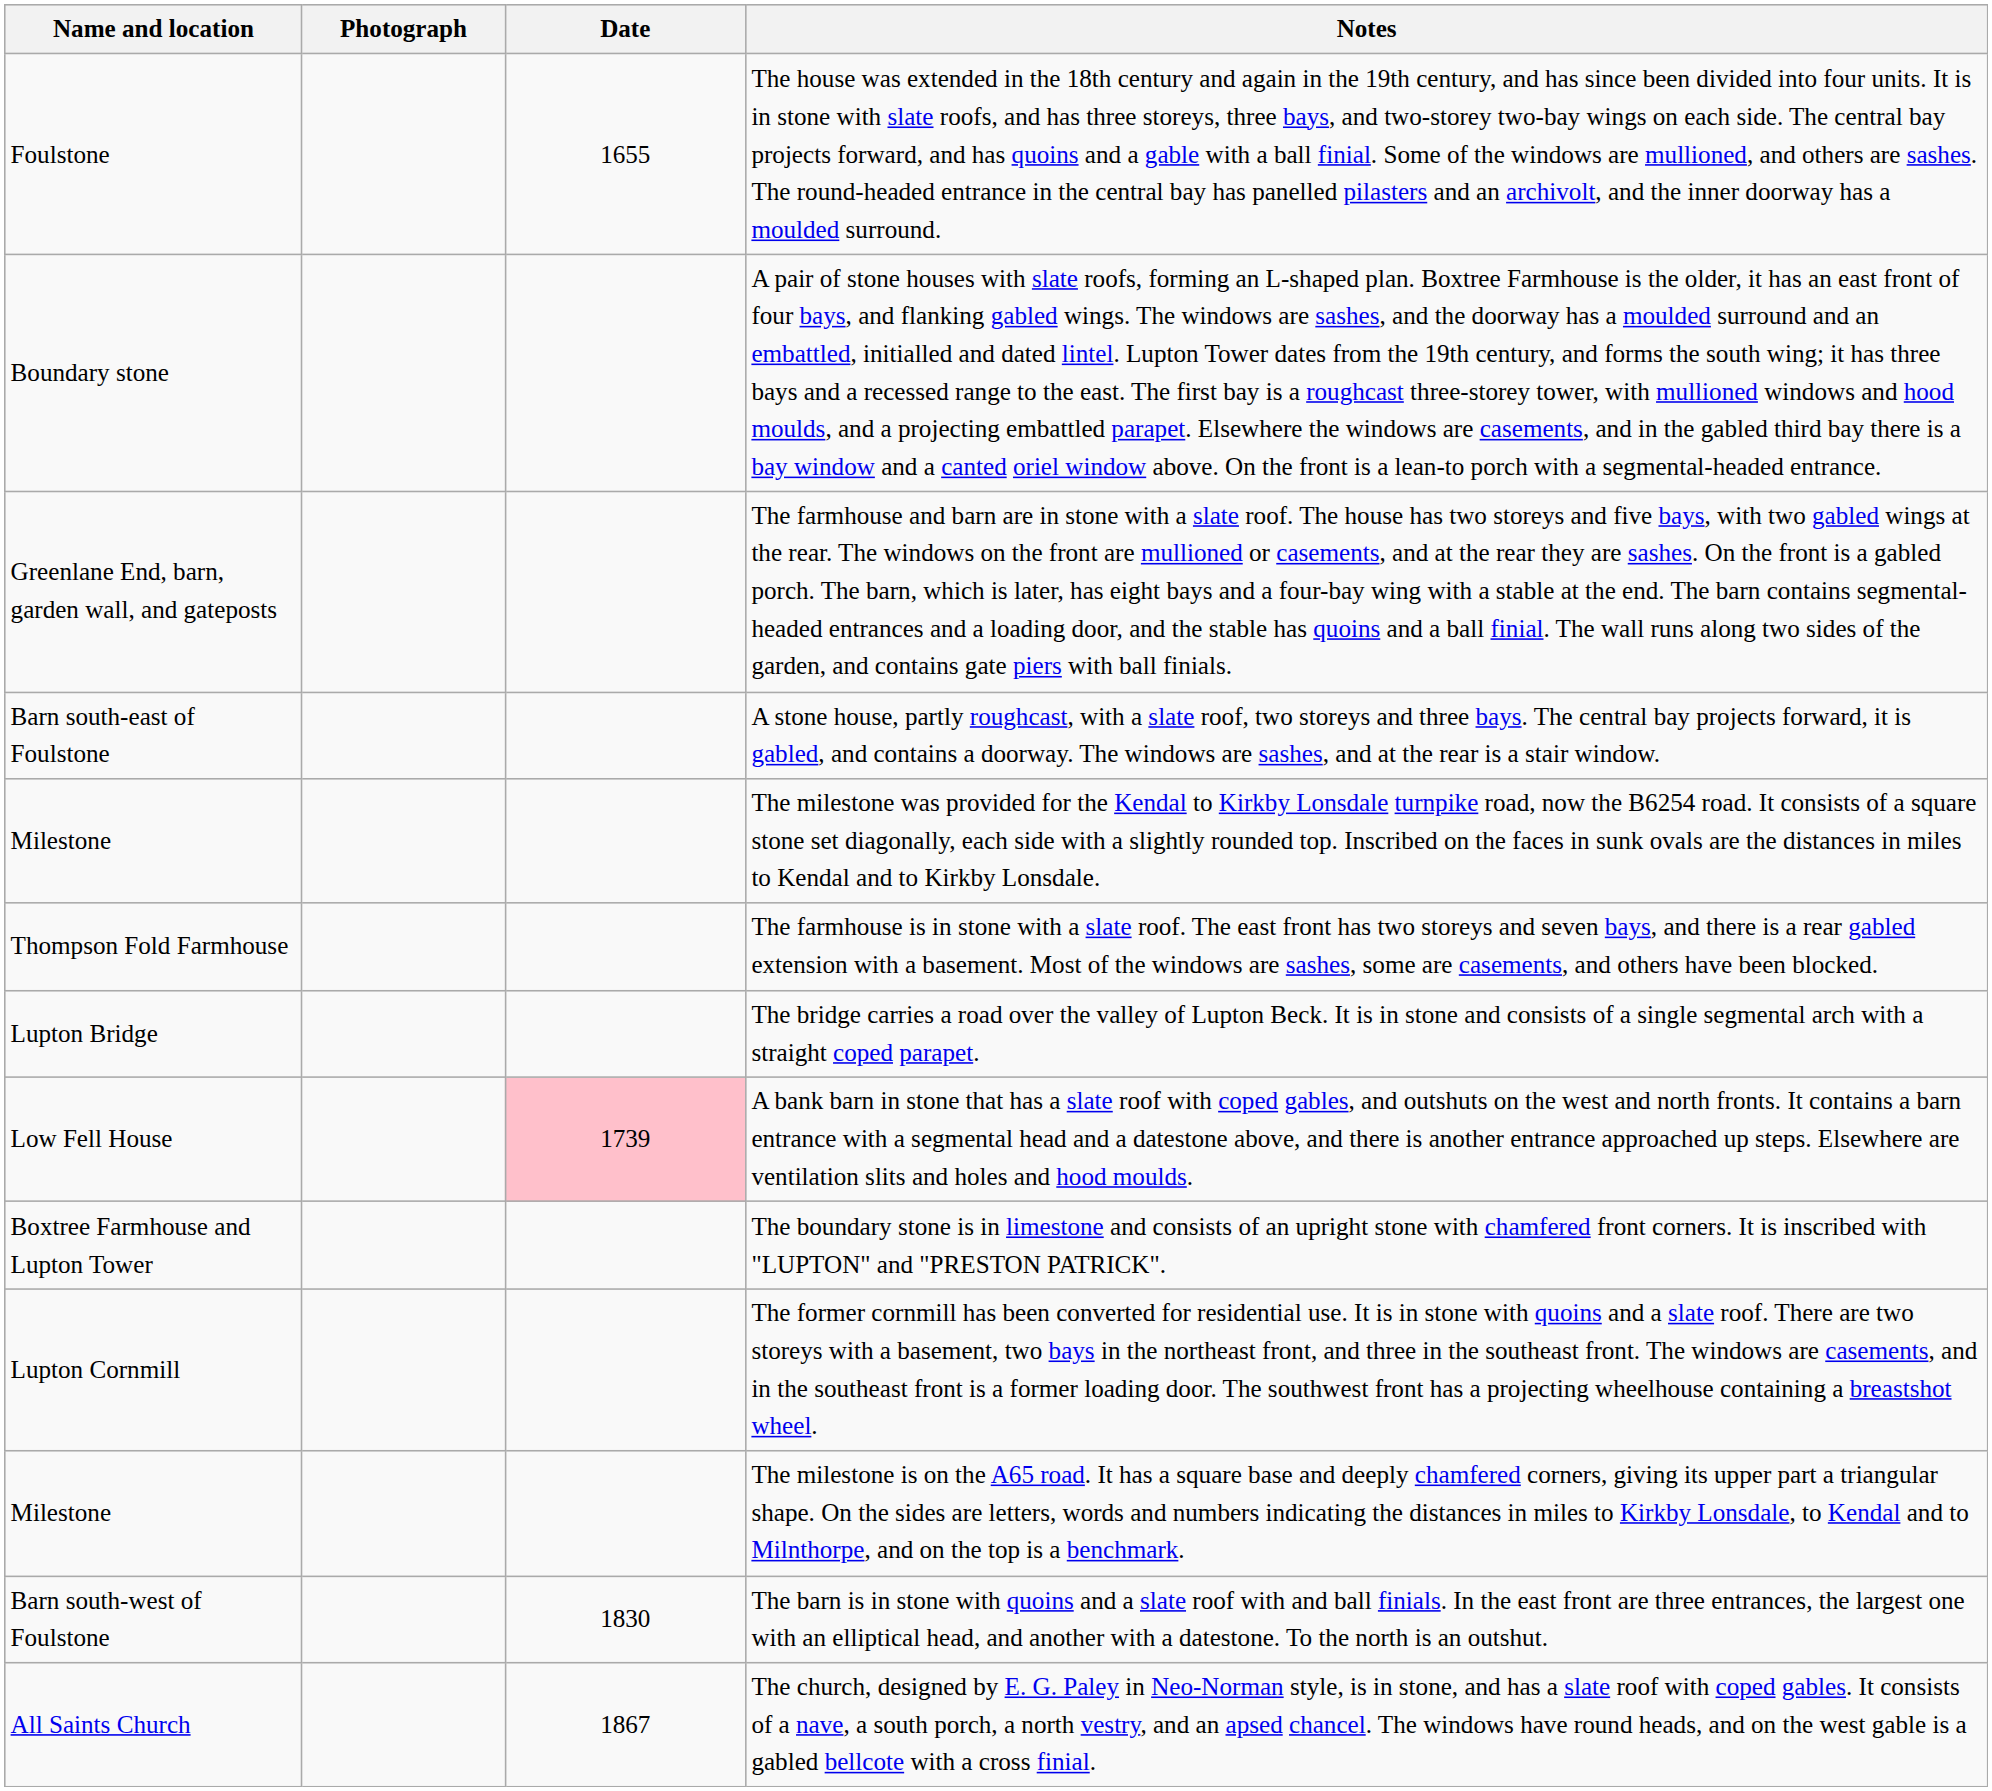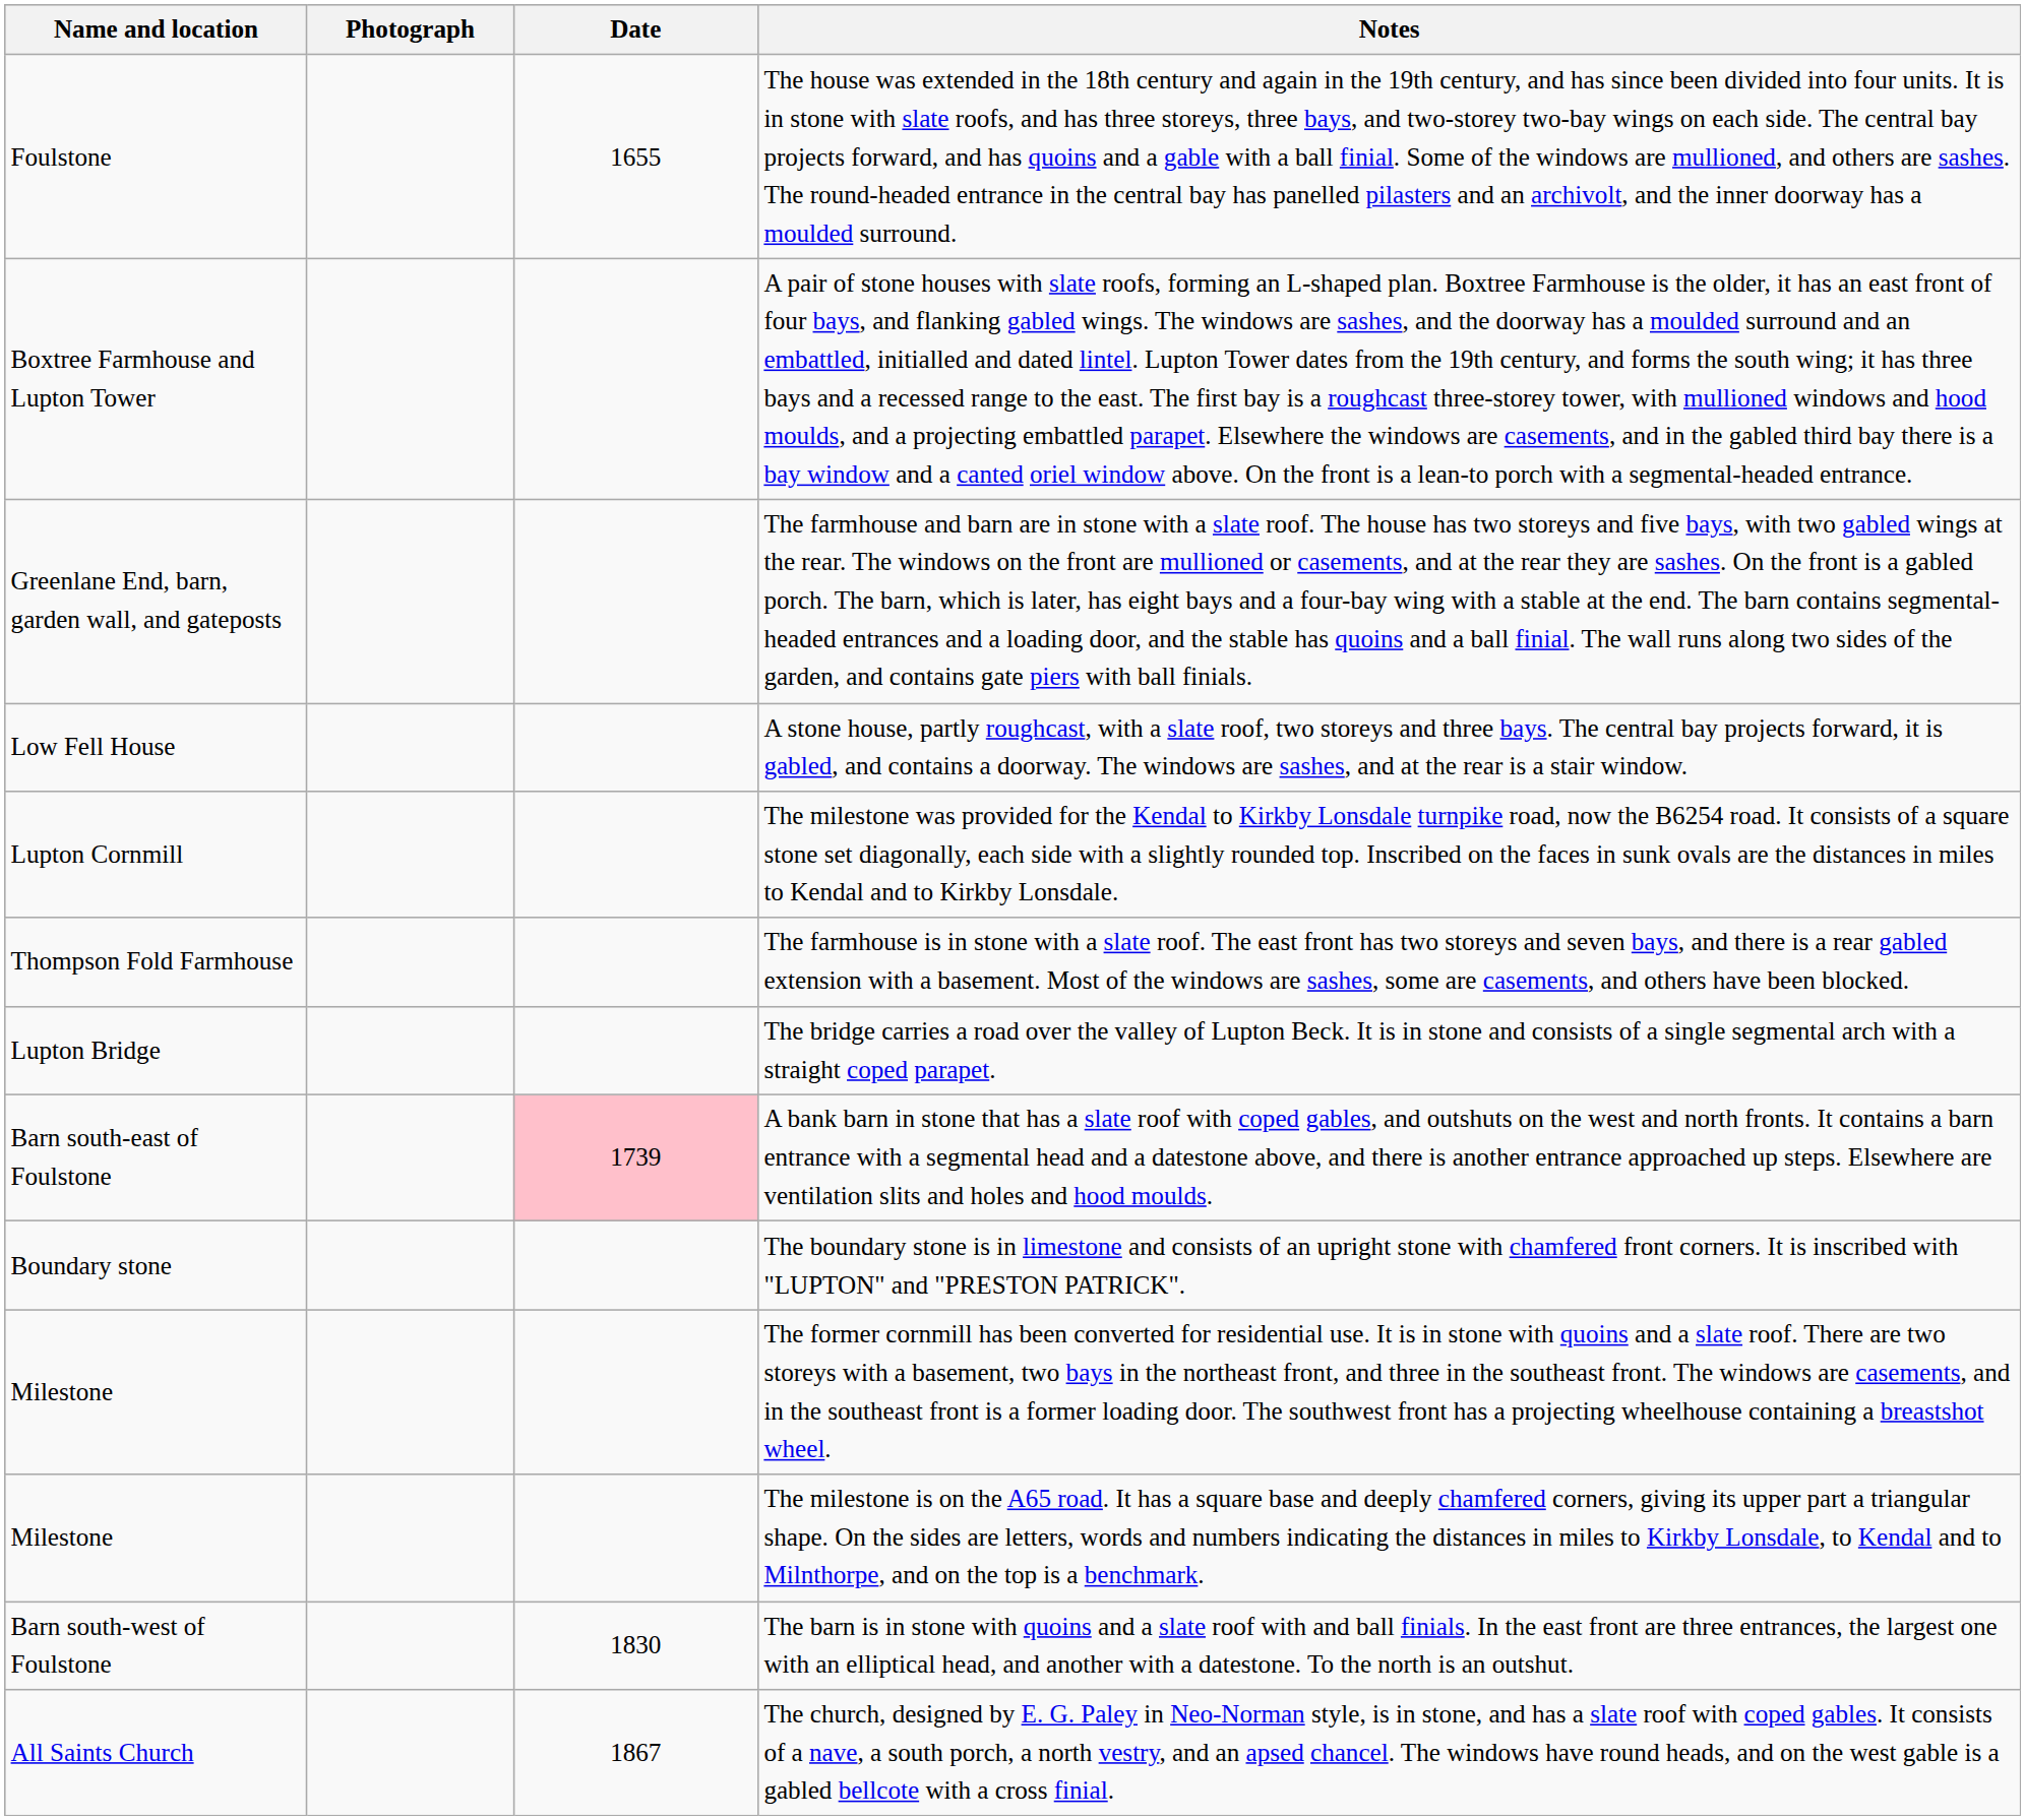 <table class="wikitable sortable plainrowheaders" style="width:100%;border:0px;text-align:left;line-height:150%;">
 <tr>
 <th scope="col"  style="width:150px">Name and location</th>
 <th scope="col"  style="width:100px" class="unsortable">Photograph</th>
 <th scope="col"  style="width:120px">Date</th>
 <th scope="col"  style="width:650px" class="unsortable">Notes</th>
 </tr>
 <tr>
 <td>Foulstone<br><small></small></td>
 <td></td>
 <td align="center">1655</td>
 <td>The house was extended in the 18th century and again in the 19th century, and has since been divided into four units.  It is in stone with <a href='#'>slate</a> roofs, and has three storeys, three <a href='#'>bays</a>, and two-storey two-bay wings on each side.  The central bay projects forward, and has <a href='#'>quoins</a> and a <a href='#'>gable</a> with a ball <a href='#'>finial</a>.  Some of the windows are <a href='#'>mullioned</a>, and others are <a href='#'>sashes</a>.  The round-headed entrance in the central bay has panelled <a href='#'>pilasters</a> and an <a href='#'>archivolt</a>, and the inner doorway has a <a href='#'>moulded</a> surround.</td>
 </tr>
 <tr>
-<td>Boundary stone<br><small></small></td>
+<td>Boxtree Farmhouse and Lupton Tower<br><small></small></td>
 <td></td>
 <td align="center"></td>
 <td>A pair of stone houses with <a href='#'>slate</a> roofs, forming an L-shaped plan.  Boxtree Farmhouse is the older, it has an east front of four <a href='#'>bays</a>, and flanking <a href='#'>gabled</a> wings.  The windows are <a href='#'>sashes</a>, and the doorway has a <a href='#'>moulded</a> surround and an <a href='#'>embattled</a>, initialled and dated <a href='#'>lintel</a>.  Lupton Tower dates from the 19th century, and forms the south wing; it has three bays and a recessed range to the east.  The first bay is a <a href='#'>roughcast</a> three-storey tower, with <a href='#'>mullioned</a> windows and <a href='#'>hood moulds</a>, and a projecting embattled <a href='#'>parapet</a>.  Elsewhere the windows are <a href='#'>casements</a>, and in the gabled third bay there is a <a href='#'>bay window</a> and a <a href='#'>canted</a> <a href='#'>oriel window</a> above.  On the front is a lean-to porch with a segmental-headed entrance.</td>
 </tr>
 <tr>
 <td>Greenlane End, barn, garden wall, and gateposts<br><small></small></td>
 <td></td>
 <td align="center"></td>
 <td>The farmhouse and barn are in stone with a <a href='#'>slate</a> roof.  The house has two storeys and five <a href='#'>bays</a>, with two <a href='#'>gabled</a> wings at the rear.  The windows on the front are <a href='#'>mullioned</a> or <a href='#'>casements</a>, and at the rear they are <a href='#'>sashes</a>.  On the front is a gabled porch.  The barn, which is later, has eight bays and a four-bay wing with a stable at the end.  The barn contains segmental-headed entrances and a loading door, and the stable has <a href='#'>quoins</a> and a ball <a href='#'>finial</a>.  The wall runs along two sides of the garden, and contains gate <a href='#'>piers</a> with ball finials.</td>
 </tr>
 <tr>
-<td>Barn south-east of Foulstone<br><small></small></td>
+<td>Low Fell House<br><small></small></td>
 <td></td>
 <td align="center"></td>
 <td>A stone house, partly <a href='#'>roughcast</a>, with a <a href='#'>slate</a> roof, two storeys and three <a href='#'>bays</a>.  The central bay projects forward, it is <a href='#'>gabled</a>, and contains a doorway.  The windows are <a href='#'>sashes</a>, and at the rear is a stair window.</td>
 </tr>
 <tr>
-<td>Milestone<br><small></small></td>
+<td>Lupton Cornmill<br><small></small></td>
 <td></td>
 <td align="center"></td>
 <td>The milestone was provided for the <a href='#'>Kendal</a> to <a href='#'>Kirkby Lonsdale</a> <a href='#'>turnpike</a> road, now the B6254 road.  It consists of a square stone set diagonally, each side with a slightly rounded top.  Inscribed on the faces in sunk ovals are the distances in miles to Kendal and to Kirkby Lonsdale.</td>
 </tr>
 <tr>
 <td>Thompson Fold Farmhouse<br><small></small></td>
 <td></td>
 <td align="center"></td>
 <td>The farmhouse is in stone with a <a href='#'>slate</a> roof.  The east front has two storeys and seven <a href='#'>bays</a>, and there is a rear <a href='#'>gabled</a> extension with a basement.  Most of the windows are <a href='#'>sashes</a>, some are <a href='#'>casements</a>, and others have been blocked.</td>
 </tr>
 <tr>
 <td>Lupton Bridge<br><small></small></td>
 <td></td>
 <td align="center"></td>
 <td>The bridge carries a road over the valley of Lupton Beck.  It is in stone and consists of a single segmental arch with a straight <a href='#'>coped</a> <a href='#'>parapet</a>.</td>
 </tr>
 <tr>
-<td>Low Fell House<br><small></small></td>
+<td>Barn south-east of Foulstone<br><small></small></td>
 <td></td>
 <td align="center" style="background: pink;">1739</td>
 <td>A bank barn in stone that has a <a href='#'>slate</a> roof with <a href='#'>coped</a> <a href='#'>gables</a>, and outshuts on the west and north fronts.  It contains a barn entrance with a segmental head and a datestone above, and there is another entrance approached up steps.  Elsewhere are ventilation slits and holes and <a href='#'>hood moulds</a>.</td>
 </tr>
 <tr>
-<td>Boxtree Farmhouse and Lupton Tower<br><small></small></td>
+<td>Boundary stone<br><small></small></td>
 <td></td>
 <td align="center"></td>
 <td>The boundary stone is in <a href='#'>limestone</a> and consists of an upright stone with <a href='#'>chamfered</a> front corners.  It is inscribed with "LUPTON" and "PRESTON PATRICK".</td>
 </tr>
 <tr>
-<td>Lupton Cornmill<br><small></small></td>
+<td>Milestone<br><small></small></td>
 <td></td>
 <td align="center"></td>
 <td>The former cornmill has been converted for residential use.  It is in stone with <a href='#'>quoins</a> and a <a href='#'>slate</a> roof.  There are two storeys with a basement, two <a href='#'>bays</a> in the northeast front, and three in the southeast front.  The windows are <a href='#'>casements</a>, and in the southeast front is a former loading door.  The southwest front has a projecting wheelhouse containing a <a href='#'>breastshot wheel</a>.</td>
 </tr>
 <tr>
 <td>Milestone<br><small></small></td>
 <td></td>
 <td align="center"></td>
 <td>The milestone is on the <a href='#'>A65 road</a>.  It has a square base and deeply <a href='#'>chamfered</a> corners, giving its upper part a triangular shape.  On the sides are letters, words and numbers indicating the distances in miles to <a href='#'>Kirkby Lonsdale</a>, to <a href='#'>Kendal</a> and to <a href='#'>Milnthorpe</a>, and on the top is a <a href='#'>benchmark</a>.</td>
 </tr>
 <tr>
 <td>Barn south-west of Foulstone<br><small></small></td>
 <td></td>
 <td align="center">1830</td>
 <td>The barn is in stone with <a href='#'>quoins</a> and a <a href='#'>slate</a> roof with  and ball <a href='#'>finials</a>.  In the east front are three entrances, the largest one with an elliptical head, and another with a datestone.  To the north is an outshut.</td>
 </tr>
 <tr>
 <td><a href='#'>All Saints Church</a><br><small></small></td>
 <td></td>
 <td align="center">1867</td>
 <td>The church, designed by <a href='#'>E. G. Paley</a> in <a href='#'>Neo-Norman</a> style, is in stone, and has a <a href='#'>slate</a> roof with <a href='#'>coped</a> <a href='#'>gables</a>.  It consists of a <a href='#'>nave</a>, a south porch, a north <a href='#'>vestry</a>, and an <a href='#'>apsed</a> <a href='#'>chancel</a>.  The windows have round heads, and on the west gable is a gabled <a href='#'>bellcote</a> with a cross <a href='#'>finial</a>.</td>
 </tr>
 <tr>
 </tr>
 </table>
